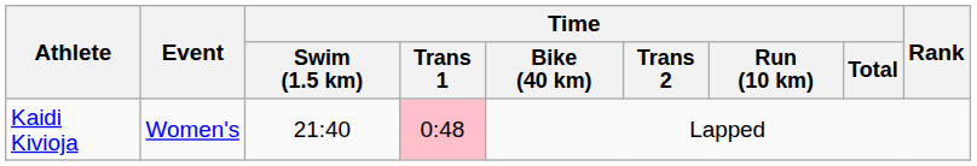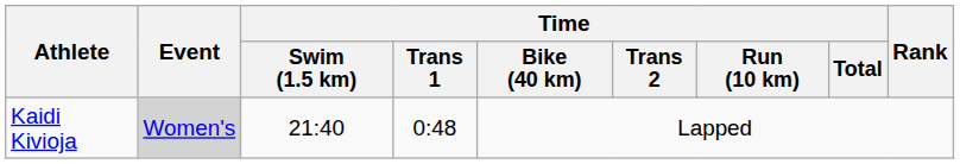 <table class="wikitable" style="font-size:90%">
 <tr>
 <th rowspan=2>Athlete</th>
 <th rowspan=2>Event</th>
 <th colspan=6>Time</th>
 <th rowspan=2>Rank</th>
 </tr>
 <tr style="font-size:95%">
 <th>Swim (1.5 km)</th>
 <th>Trans 1</th>
 <th>Bike (40 km)</th>
 <th>Trans 2</th>
 <th>Run (10 km)</th>
 <th>Total</th>
 </tr>
 <tr align=center>
 <td align=left><a href='#'>Kaidi Kivioja</a></td>
-<td align=left><a href='#'>Women's</a></td>
+<td align=left style="background: lightgrey;"><a href='#'>Women's</a></td>
 <td>21:40</td>
-<td style="background: pink;">0:48</td>
+<td>0:48</td>
 <td colspan="5">Lapped</td>
 </tr>
 </table>
